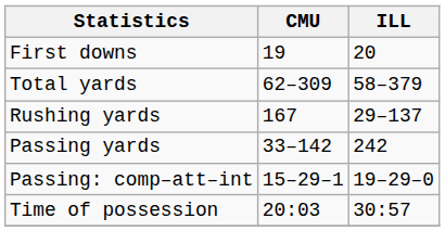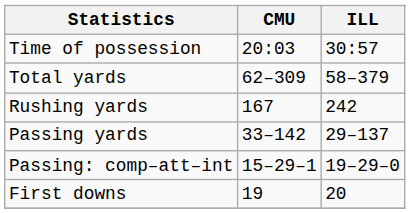 <table class="wikitable" style="float: left;">
 <tr>
 <th>Statistics</th>
 <th>CMU</th>
 <th>ILL</th>
 </tr>
 <tr>
-<td>First downs</td>
-<td>19</td>
-<td>20</td>
+<td>Time of possession</td>
+<td>20:03</td>
+<td>30:57</td>
 </tr>
 <tr>
 <td>Total yards</td>
 <td>62–309</td>
 <td>58–379</td>
 </tr>
 <tr>
 <td>Rushing yards</td>
 <td>167</td>
-<td>29–137</td>
+<td>242</td>
 </tr>
 <tr>
 <td>Passing yards</td>
 <td>33–142</td>
-<td>242</td>
+<td>29–137</td>
 </tr>
 <tr>
 <td>Passing: comp–att–int</td>
 <td>15–29–1</td>
 <td>19–29–0</td>
 </tr>
 <tr>
-<td>Time of possession</td>
-<td>20:03</td>
-<td>30:57</td>
+<td>First downs</td>
+<td>19</td>
+<td>20</td>
 </tr>
 <tr>
 </tr>
 </table>
